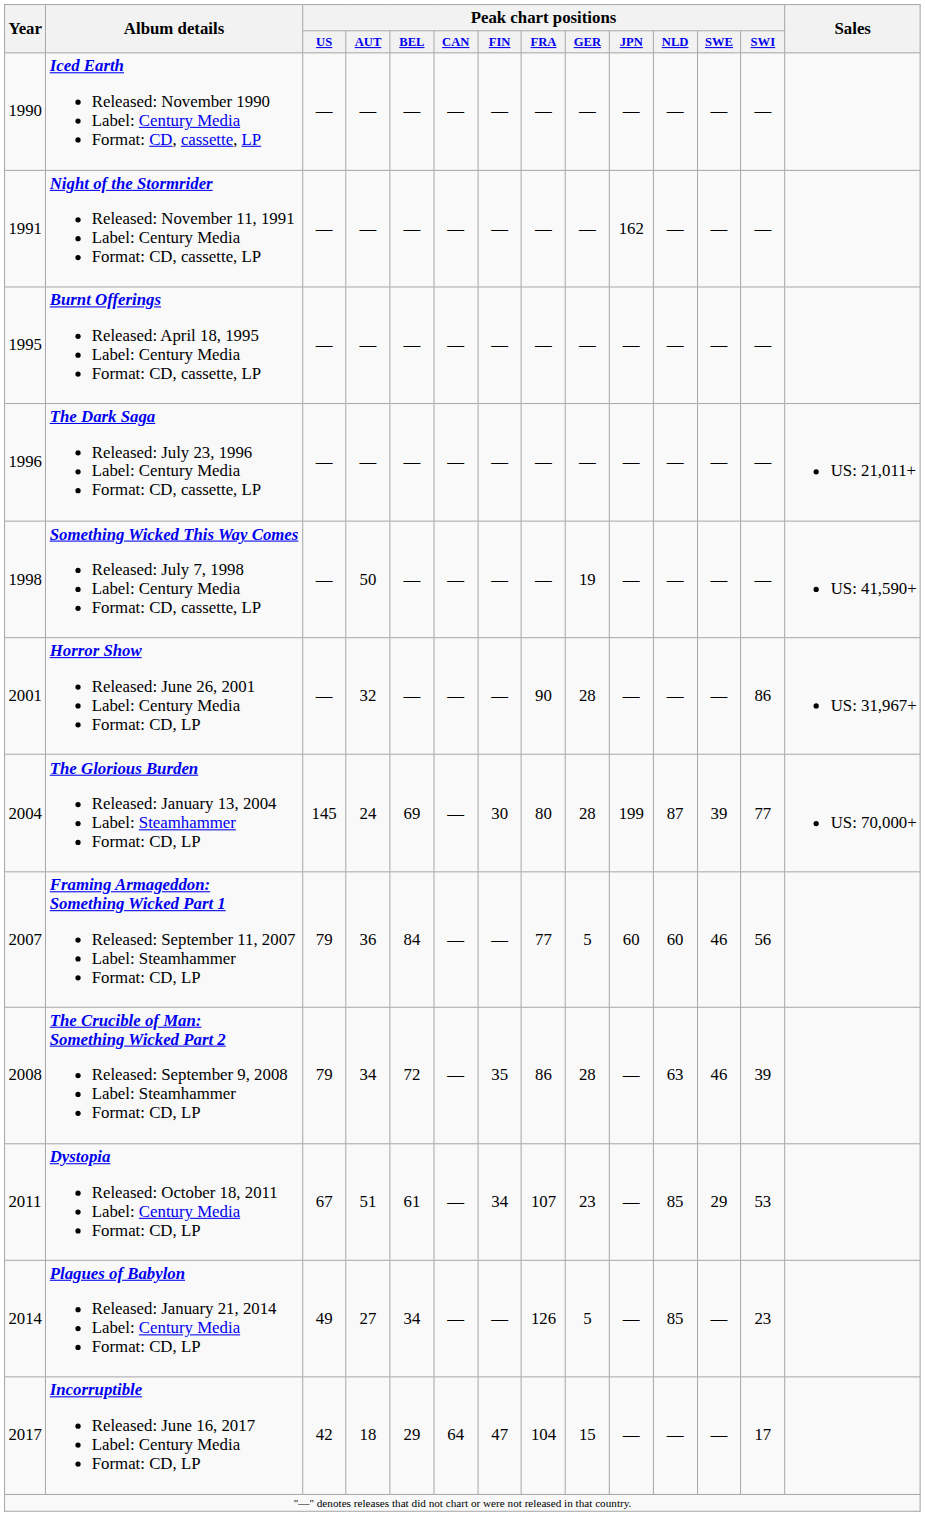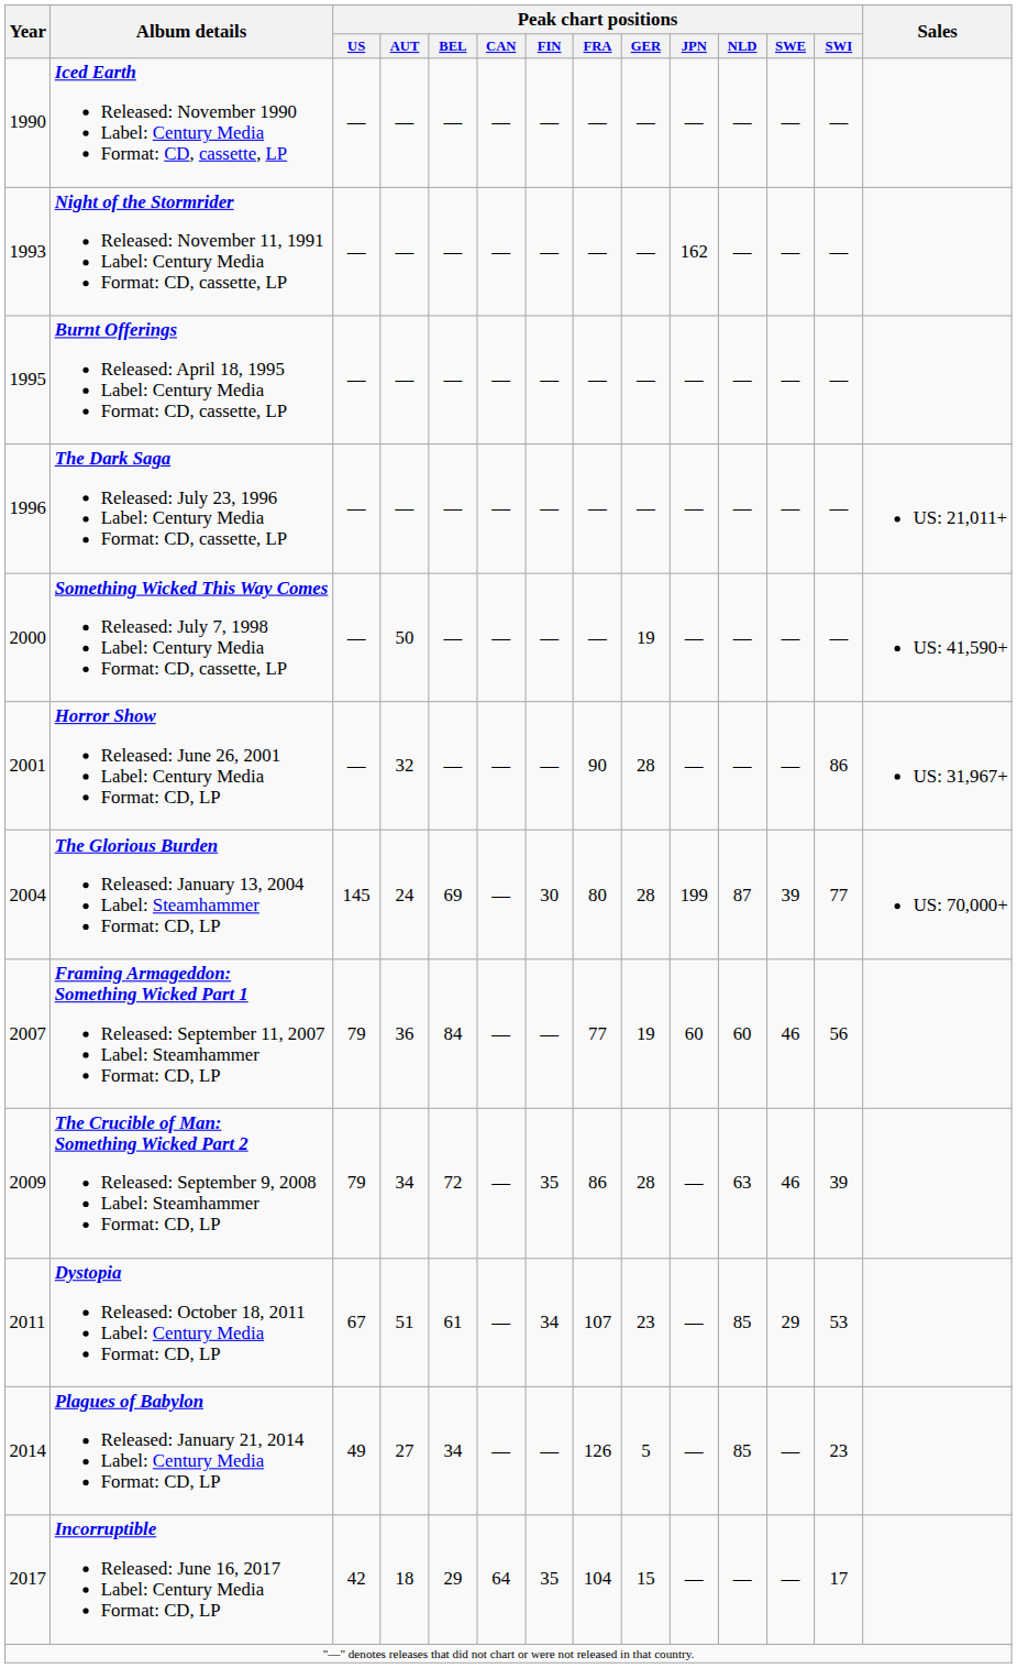 <table class="wikitable" border="1">
 <tr>
 <th rowspan="2">Year</th>
 <th rowspan="2">Album details</th>
 <th colspan="11">Peak chart positions</th>
 <th rowspan="2">Sales</th>
 </tr>
 <tr>
 <th style="width:3em;font-size:75%;"><a href='#'>US</a><br></th>
 <th style="width:3em;font-size:75%;"><a href='#'>AUT</a><br></th>
 <th style="width:3em;font-size:75%;"><a href='#'>BEL</a><br></th>
 <th style="width:3em;font-size:75%;"><a href='#'>CAN</a><br></th>
 <th style="width:3em;font-size:75%;"><a href='#'>FIN</a><br></th>
 <th style="width:3em;font-size:75%;"><a href='#'>FRA</a><br></th>
 <th style="width:3em;font-size:75%;"><a href='#'>GER</a><br></th>
 <th style="width:3em;font-size:75%;"><a href='#'>JPN</a><br></th>
 <th style="width:3em;font-size:75%;"><a href='#'>NLD</a><br></th>
 <th style="width:3em;font-size:75%;"><a href='#'>SWE</a><br></th>
 <th style="width:3em;font-size:75%;"><a href='#'>SWI</a><br></th>
 </tr>
 <tr>
 <td>1990</td>
 <td><strong><em><a href='#'>Iced Earth</a></em></strong><br><ul><li>Released: November 1990</li><li>Label: <a href='#'>Century Media</a></li><li>Format: <a href='#'>CD</a>, <a href='#'>cassette</a>, <a href='#'>LP</a></li></ul></td>
 <td align="center">—</td>
 <td align="center">—</td>
 <td align="center">—</td>
 <td align="center">—</td>
 <td align="center">—</td>
 <td align="center">—</td>
 <td align="center">—</td>
 <td align="center">—</td>
 <td align="center">—</td>
 <td align="center">—</td>
 <td align="center">—</td>
 <td></td>
 </tr>
 <tr>
-<td>1991</td>
+<td>1993</td>
 <td><strong><em><a href='#'>Night of the Stormrider</a></em></strong><br><ul><li>Released: November 11, 1991</li><li>Label: Century Media</li><li>Format: CD, cassette, LP</li></ul></td>
 <td align="center">—</td>
 <td align="center">—</td>
 <td align="center">—</td>
 <td align="center">—</td>
 <td align="center">—</td>
 <td align="center">—</td>
 <td align="center">—</td>
 <td align="center">162</td>
 <td align="center">—</td>
 <td align="center">—</td>
 <td align="center">—</td>
 <td></td>
 </tr>
 <tr>
 <td>1995</td>
 <td><strong><em><a href='#'>Burnt Offerings</a></em></strong><br><ul><li>Released: April 18, 1995</li><li>Label: Century Media</li><li>Format: CD, cassette, LP</li></ul></td>
 <td align="center">—</td>
 <td align="center">—</td>
 <td align="center">—</td>
 <td align="center">—</td>
 <td align="center">—</td>
 <td align="center">—</td>
 <td align="center">—</td>
 <td align="center">—</td>
 <td align="center">—</td>
 <td align="center">—</td>
 <td align="center">—</td>
 <td></td>
 </tr>
 <tr>
 <td>1996</td>
 <td><strong><em><a href='#'>The Dark Saga</a></em></strong><br><ul><li>Released: July 23, 1996</li><li>Label: Century Media</li><li>Format: CD, cassette, LP</li></ul></td>
 <td align="center">—</td>
 <td align="center">—</td>
 <td align="center">—</td>
 <td align="center">—</td>
 <td align="center">—</td>
 <td align="center">—</td>
 <td align="center">—</td>
 <td align="center">—</td>
 <td align="center">—</td>
 <td align="center">—</td>
 <td align="center">—</td>
 <td><br><ul><li>US: 21,011+</li></ul></td>
 </tr>
 <tr>
-<td>1998</td>
+<td>2000</td>
 <td><strong><em><a href='#'>Something Wicked This Way Comes</a></em></strong><br><ul><li>Released: July 7, 1998</li><li>Label: Century Media</li><li>Format: CD, cassette, LP</li></ul></td>
 <td align="center">—</td>
 <td align="center">50</td>
 <td align="center">—</td>
 <td align="center">—</td>
 <td align="center">—</td>
 <td align="center">—</td>
 <td align="center">19</td>
 <td align="center">—</td>
 <td align="center">—</td>
 <td align="center">—</td>
 <td align="center">—</td>
 <td><br><ul><li>US: 41,590+</li></ul></td>
 </tr>
 <tr>
 <td>2001</td>
 <td><strong><em><a href='#'>Horror Show</a></em></strong><br><ul><li>Released: June 26, 2001</li><li>Label: Century Media</li><li>Format: CD, LP</li></ul></td>
 <td align="center">—</td>
 <td align="center">32</td>
 <td align="center">—</td>
 <td align="center">—</td>
 <td align="center">—</td>
 <td align="center">90</td>
 <td align="center">28</td>
 <td align="center">—</td>
 <td align="center">—</td>
 <td align="center">—</td>
 <td align="center">86</td>
 <td><br><ul><li>US: 31,967+</li></ul></td>
 </tr>
 <tr>
 <td>2004</td>
 <td><strong><em><a href='#'>The Glorious Burden</a></em></strong><br><ul><li>Released: January 13, 2004</li><li>Label: <a href='#'>Steamhammer</a></li><li>Format: CD, LP</li></ul></td>
 <td align="center">145</td>
 <td align="center">24</td>
 <td align="center">69</td>
 <td align="center">—</td>
 <td align="center">30</td>
 <td align="center">80</td>
 <td align="center">28</td>
 <td align="center">199</td>
 <td align="center">87</td>
 <td align="center">39</td>
 <td align="center">77</td>
 <td><br><ul><li>US: 70,000+</li></ul></td>
 </tr>
 <tr>
 <td>2007</td>
 <td><strong><em><a href='#'>Framing Armageddon: <br>Something Wicked Part 1</a></em></strong><br><ul><li>Released: September 11, 2007</li><li>Label: Steamhammer</li><li>Format: CD, LP</li></ul></td>
 <td align="center">79</td>
 <td align="center">36</td>
 <td align="center">84</td>
 <td align="center">—</td>
 <td align="center">—</td>
 <td align="center">77</td>
-<td align="center">5</td>
+<td align="center">19</td>
 <td align="center">60</td>
 <td align="center">60</td>
 <td align="center">46</td>
 <td align="center">56</td>
 <td></td>
 </tr>
 <tr>
-<td>2008</td>
+<td>2009</td>
 <td><strong><em><a href='#'>The Crucible of Man: <br>Something Wicked Part 2</a></em></strong><br><ul><li>Released: September 9, 2008</li><li>Label: Steamhammer</li><li>Format: CD, LP</li></ul></td>
 <td align="center">79</td>
 <td align="center">34</td>
 <td align="center">72</td>
 <td align="center">—</td>
 <td align="center">35</td>
 <td align="center">86</td>
 <td align="center">28</td>
 <td align="center">—</td>
 <td align="center">63</td>
 <td align="center">46</td>
 <td align="center">39</td>
 <td></td>
 </tr>
 <tr>
 <td>2011</td>
 <td><strong><em><a href='#'>Dystopia</a></em></strong><br><ul><li>Released: October 18, 2011</li><li>Label: <a href='#'>Century Media</a></li><li>Format: CD, LP</li></ul></td>
 <td align="center">67</td>
 <td align="center">51</td>
 <td align="center">61</td>
 <td align="center">—</td>
 <td align="center">34</td>
 <td align="center">107</td>
 <td align="center">23</td>
 <td align="center">—</td>
 <td align="center">85</td>
 <td align="center">29</td>
 <td align="center">53</td>
 <td></td>
 </tr>
 <tr>
 <td>2014</td>
 <td><strong><em><a href='#'>Plagues of Babylon</a></em></strong><br><ul><li>Released: January 21, 2014</li><li>Label: <a href='#'>Century Media</a></li><li>Format: CD, LP</li></ul></td>
 <td align="center">49</td>
 <td align="center">27</td>
 <td align="center">34</td>
 <td align="center">—</td>
 <td align="center">—</td>
 <td align="center">126</td>
 <td align="center">5</td>
 <td align="center">—</td>
 <td align="center">85</td>
 <td align="center">—</td>
 <td align="center">23</td>
 <td></td>
 </tr>
 <tr>
 <td>2017</td>
 <td><strong><em><a href='#'>Incorruptible</a></em></strong><br><ul><li>Released: June 16, 2017</li><li>Label: Century Media</li><li>Format: CD, LP</li></ul></td>
 <td align="center">42</td>
 <td align="center">18</td>
 <td align="center">29</td>
 <td align="center">64</td>
-<td align="center">47</td>
+<td align="center">35</td>
 <td align="center">104</td>
 <td align="center">15</td>
 <td align="center">—</td>
 <td align="center">—</td>
 <td align="center">—</td>
 <td align="center">17</td>
 <td></td>
 </tr>
 <tr>
 <td align="center" colspan="18" style="font-size: 8pt">"—" denotes releases that did not chart or were not released in that country.</td>
 </tr>
 </table>
